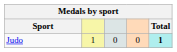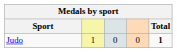 <table class="wikitable" style="font-size:90%; text-align:center;">
 <tr>
 <th colspan="5">Medals by sport</th>
 </tr>
 <tr>
 <th width="120">Sport</th>
 <th scope="col" width="30" style="background:#F7F6A8;"></th>
 <th scope="col" width="30" style="background:#DCE5E5;"></th>
 <th scope="col" width="30" style="background:#FFDAB9;"></th>
 <th width="30">Total</th>
 </tr>
 <tr>
 <td align="left"><a href='#'>Judo</a></td>
 <td style="background:#F7F6A8;">1</td>
 <td style="background:#DCE5E5;">0</td>
 <td style="background:#FFDAB9;">0</td>
-<td style="background: paleturquoise;"><strong>1</strong></td>
+<td><strong>1</strong></td>
 </tr>
 </table>
